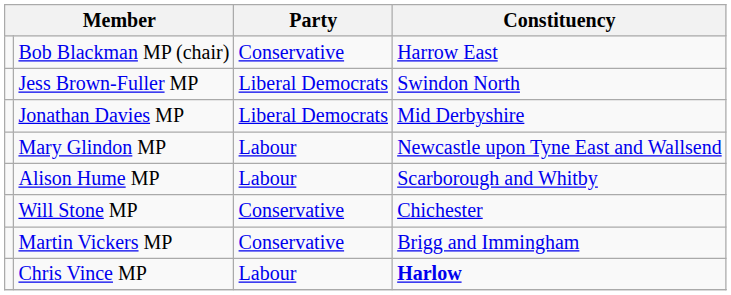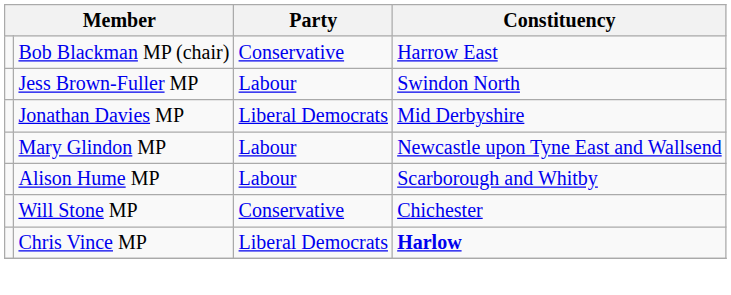 <table class="wikitable">
 <tr>
 <th colspan="2" valign="top">Member</th>
 <th valign="top">Party</th>
 <th valign="top">Constituency</th>
 </tr>
 <tr>
 <td style="color:inherit;background:"></td>
 <td><a href='#'>Bob Blackman</a> MP (chair)</td>
 <td><a href='#'>Conservative</a></td>
 <td><a href='#'>Harrow East</a></td>
 </tr>
 <tr>
 <td style="color:inherit;background:"></td>
 <td><a href='#'>Jess Brown-Fuller</a> MP</td>
-<td><a href='#'>Liberal Democrats</a></td>
+<td><a href='#'>Labour</a></td>
 <td><a href='#'>Swindon North</a></td>
 </tr>
 <tr>
 <td style="color:inherit;background:"></td>
 <td><a href='#'>Jonathan Davies</a> MP</td>
 <td><a href='#'>Liberal Democrats</a></td>
 <td><a href='#'>Mid Derbyshire</a></td>
 </tr>
 <tr>
 <td style="color:inherit;background:"></td>
 <td><a href='#'>Mary Glindon</a> MP</td>
 <td><a href='#'>Labour</a></td>
 <td><a href='#'>Newcastle upon Tyne East and Wallsend</a></td>
 </tr>
 <tr>
 <td style="color:inherit;background:"></td>
 <td><a href='#'>Alison Hume</a> MP</td>
 <td><a href='#'>Labour</a></td>
 <td><a href='#'>Scarborough and Whitby</a></td>
 </tr>
 <tr>
 <td style="color:inherit;background:"></td>
 <td><a href='#'>Will Stone</a> MP</td>
 <td><a href='#'>Conservative</a></td>
 <td><a href='#'>Chichester</a></td>
 </tr>
 <tr>
 <td style="color:inherit;background:"></td>
-<td><a href='#'>Martin Vickers</a> MP</td>
-<td><a href='#'>Conservative</a></td>
-<td><a href='#'>Brigg and Immingham</a></td>
-</tr>
-<tr>
-<td style="color:inherit;background:"></td>
 <td><a href='#'>Chris Vince</a> MP</td>
-<td><a href='#'>Labour</a></td>
+<td><a href='#'>Liberal Democrats</a></td>
 <td><strong><a href='#'>Harlow</a></strong></td>
 </tr>
 <tr>
 </tr>
 </table>
